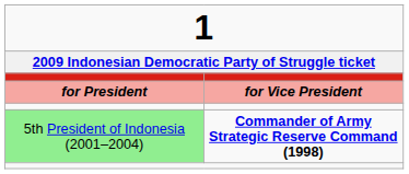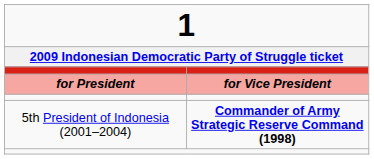 <table class="wikitable" style="font-size:90%; text-align:center">
 <tr>
 <td colspan=2 style="text-align:center;"><big><big><big><big><big><strong>1</strong></big></big></big></big></big></td>
 </tr>
 <tr>
 <td colspan=2 style="background:#f1f1f1;"><strong><a href='#'>2009 Indonesian Democratic Party of Struggle ticket</a></strong></td>
 </tr>
 <tr>
 <th style="font-size:135%; background:#DB2016;"><a href='#'></a></th>
 <th style="font-size:135%; background:#DB2016;"><a href='#'></a></th>
 </tr>
 <tr style="color:#000; font-size:100%;">
 <td style="width:3em; width:200px; background:#F6A7A2;"><strong><em>for President</em></strong></td>
 <td style="width:3em; width:200px; background:#F6A7A2;"><strong><em>for Vice President</em></strong></td>
 </tr>
 <tr>
 <td></td>
 <td></td>
 </tr>
 <tr>
-<td style="background: lightgreen;">5th <a href='#'>President of Indonesia</a> (2001–2004)</td>
+<td>5th <a href='#'>President of Indonesia</a> (2001–2004)</td>
 <td><strong><a href='#'>Commander of Army Strategic Reserve Command</a> (1998)</strong></td>
 </tr>
 <tr>
 <td colspan=2><strong></strong></td>
 </tr>
 </table>
